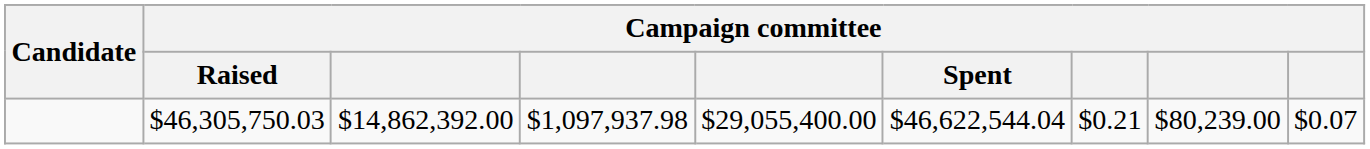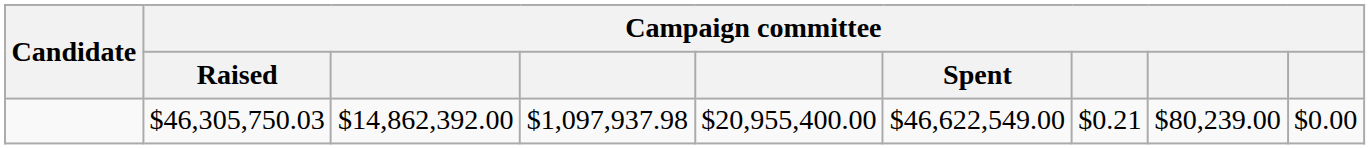 <table class="wikitable sortable" style="font-size:90%;text-align:center;">
 <tr>
 <th rowspan="2">Candidate</th>
 <th colspan="8">Campaign committee</th>
 </tr>
 <tr>
 <th>Raised</th>
 <th></th>
 <th></th>
 <th></th>
 <th>Spent</th>
 <th data-sort-type=currency></th>
 <th></th>
 <th></th>
 </tr>
 <tr>
 <td></td>
 <td>$46,305,750.03</td>
 <td>$14,862,392.00</td>
 <td>$1,097,937.98</td>
-<td>$29,055,400.00</td>
-<td>$46,622,544.04</td>
+<td>$20,955,400.00</td>
+<td>$46,622,549.00</td>
 <td>$0.21</td>
 <td>$80,239.00</td>
-<td>$0.07</td>
+<td>$0.00</td>
 </tr>
 </table>
